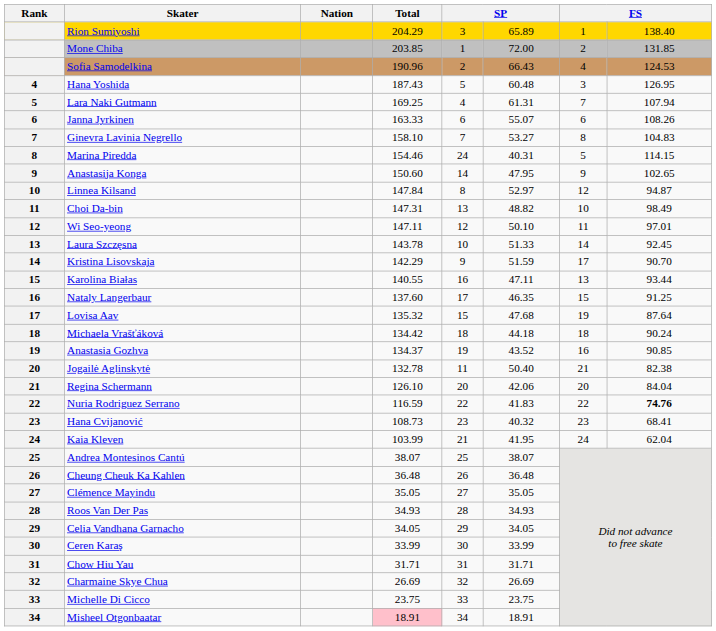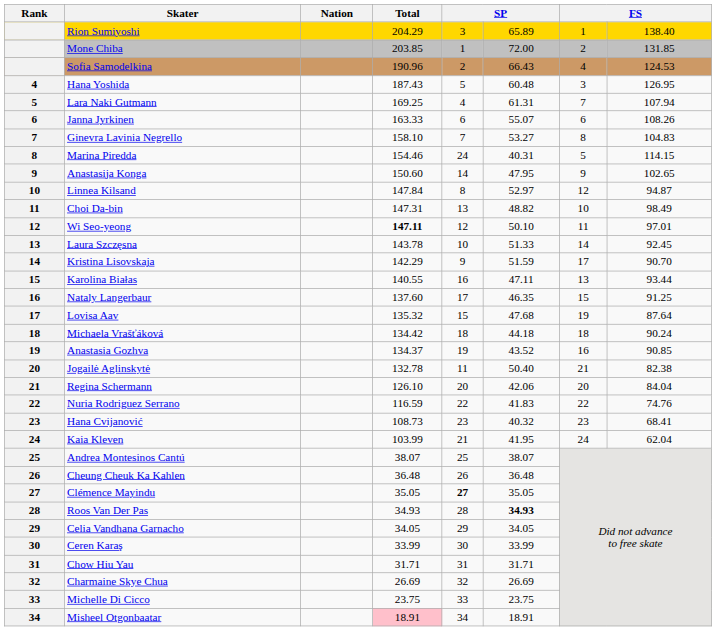 <table class="wikitable sortable" style="text-align:center; width:80%">
 <tr>
 <th scope="col">Rank</th>
 <th scope="col">Skater</th>
 <th scope="col">Nation</th>
 <th scope="col">Total</th>
 <th scope="col" colspan="2" width="80px"><a href='#'>SP</a></th>
 <th scope="col" colspan="2" width="80px"><a href='#'>FS</a></th>
 </tr>
 <tr bgcolor="gold">
 <th scope="row"></th>
 <td align="left"><a href='#'>Rion Sumiyoshi</a></td>
 <td align="left"></td>
 <td>204.29</td>
 <td>3</td>
 <td>65.89</td>
 <td>1</td>
 <td>138.40</td>
 </tr>
 <tr bgcolor="silver">
 <th scope="row"></th>
 <td align="left"><a href='#'>Mone Chiba</a></td>
 <td align="left"></td>
 <td>203.85</td>
 <td>1</td>
 <td>72.00</td>
 <td>2</td>
 <td>131.85</td>
 </tr>
 <tr bgcolor="#cc9966">
 <th scope="row"></th>
 <td align="left"><a href='#'>Sofia Samodelkina</a></td>
 <td align="left"></td>
 <td>190.96</td>
 <td>2</td>
 <td>66.43</td>
 <td>4</td>
 <td>124.53</td>
 </tr>
 <tr>
 <th scope="row">4</th>
 <td align="left"><a href='#'>Hana Yoshida</a></td>
 <td align="left"></td>
 <td>187.43</td>
 <td>5</td>
 <td>60.48</td>
 <td>3</td>
 <td>126.95</td>
 </tr>
 <tr>
 <th scope="row">5</th>
 <td align="left"><a href='#'>Lara Naki Gutmann</a></td>
 <td align="left"></td>
 <td>169.25</td>
 <td>4</td>
 <td>61.31</td>
 <td>7</td>
 <td>107.94</td>
 </tr>
 <tr>
 <th scope="row">6</th>
 <td align="left"><a href='#'>Janna Jyrkinen</a></td>
 <td align="left"></td>
 <td>163.33</td>
 <td>6</td>
 <td>55.07</td>
 <td>6</td>
 <td>108.26</td>
 </tr>
 <tr>
 <th scope="row">7</th>
 <td align="left"><a href='#'>Ginevra Lavinia Negrello</a></td>
 <td align="left"></td>
 <td>158.10</td>
 <td>7</td>
 <td>53.27</td>
 <td>8</td>
 <td>104.83</td>
 </tr>
 <tr>
 <th scope="row">8</th>
 <td align="left"><a href='#'>Marina Piredda</a></td>
 <td align="left"></td>
 <td>154.46</td>
 <td>24</td>
 <td>40.31</td>
 <td>5</td>
 <td>114.15</td>
 </tr>
 <tr>
 <th scope="row">9</th>
 <td align="left"><a href='#'>Anastasija Konga</a></td>
 <td align="left"></td>
 <td>150.60</td>
 <td>14</td>
 <td>47.95</td>
 <td>9</td>
 <td>102.65</td>
 </tr>
 <tr>
 <th scope="row">10</th>
 <td align="left"><a href='#'>Linnea Kilsand</a></td>
 <td align="left"></td>
 <td>147.84</td>
 <td>8</td>
 <td>52.97</td>
 <td>12</td>
 <td>94.87</td>
 </tr>
 <tr>
 <th scope="row">11</th>
 <td align="left"><a href='#'>Choi Da-bin</a></td>
 <td align="left"></td>
 <td>147.31</td>
 <td>13</td>
 <td>48.82</td>
 <td>10</td>
 <td>98.49</td>
 </tr>
 <tr>
 <th scope="row">12</th>
 <td align="left"><a href='#'>Wi Seo-yeong</a></td>
 <td align="left"></td>
-<td>147.11</td>
+<td><strong>147.11</strong></td>
 <td>12</td>
 <td>50.10</td>
 <td>11</td>
 <td>97.01</td>
 </tr>
 <tr>
 <th scope="row">13</th>
 <td align="left"><a href='#'>Laura Szczęsna</a></td>
 <td align="left"></td>
 <td>143.78</td>
 <td>10</td>
 <td>51.33</td>
 <td>14</td>
 <td>92.45</td>
 </tr>
 <tr>
 <th scope="row">14</th>
 <td align="left"><a href='#'>Kristina Lisovskaja</a></td>
 <td align="left"></td>
 <td>142.29</td>
 <td>9</td>
 <td>51.59</td>
 <td>17</td>
 <td>90.70</td>
 </tr>
 <tr>
 <th scope="row">15</th>
 <td align="left"><a href='#'>Karolina Białas</a></td>
 <td align="left"></td>
 <td>140.55</td>
 <td>16</td>
 <td>47.11</td>
 <td>13</td>
 <td>93.44</td>
 </tr>
 <tr>
 <th scope="row">16</th>
 <td align="left"><a href='#'>Nataly Langerbaur</a></td>
 <td align="left"></td>
 <td>137.60</td>
 <td>17</td>
 <td>46.35</td>
 <td>15</td>
 <td>91.25</td>
 </tr>
 <tr>
 <th scope="row">17</th>
 <td align="left"><a href='#'>Lovisa Aav</a></td>
 <td align="left"></td>
 <td>135.32</td>
 <td>15</td>
 <td>47.68</td>
 <td>19</td>
 <td>87.64</td>
 </tr>
 <tr>
 <th scope="row">18</th>
 <td align="left"><a href='#'>Michaela Vrašťáková</a></td>
 <td align="left"></td>
 <td>134.42</td>
 <td>18</td>
 <td>44.18</td>
 <td>18</td>
 <td>90.24</td>
 </tr>
 <tr>
 <th scope="row">19</th>
 <td align="left"><a href='#'>Anastasia Gozhva</a></td>
 <td align="left"></td>
 <td>134.37</td>
 <td>19</td>
 <td>43.52</td>
 <td>16</td>
 <td>90.85</td>
 </tr>
 <tr>
 <th scope="row">20</th>
 <td align="left"><a href='#'>Jogailė Aglinskytė</a></td>
 <td align="left"></td>
 <td>132.78</td>
 <td>11</td>
 <td>50.40</td>
 <td>21</td>
 <td>82.38</td>
 </tr>
 <tr>
 <th scope="row">21</th>
 <td align="left"><a href='#'>Regina Schermann</a></td>
 <td align="left"></td>
 <td>126.10</td>
 <td>20</td>
 <td>42.06</td>
 <td>20</td>
 <td>84.04</td>
 </tr>
 <tr>
 <th scope="row">22</th>
 <td align="left"><a href='#'>Nuria Rodriguez Serrano</a></td>
 <td align="left"></td>
 <td>116.59</td>
 <td>22</td>
 <td>41.83</td>
 <td>22</td>
-<td><strong>74.76</strong></td>
+<td>74.76</td>
 </tr>
 <tr>
 <th scope="row">23</th>
 <td align="left"><a href='#'>Hana Cvijanović</a></td>
 <td align="left"></td>
 <td>108.73</td>
 <td>23</td>
 <td>40.32</td>
 <td>23</td>
 <td>68.41</td>
 </tr>
 <tr>
 <th scope="row">24</th>
 <td align="left"><a href='#'>Kaia Kleven</a></td>
 <td align="left"></td>
 <td>103.99</td>
 <td>21</td>
 <td>41.95</td>
 <td>24</td>
 <td>62.04</td>
 </tr>
 <tr>
 <th scope="row">25</th>
 <td align="left"><a href='#'>Andrea Montesinos Cantú</a></td>
 <td align="left"></td>
 <td>38.07</td>
 <td>25</td>
 <td>38.07</td>
 <td colspan="2" rowspan="10" bgcolor="e5e4e2"><em>Did not advance<br>to free skate</em></td>
 </tr>
 <tr>
 <th scope="row">26</th>
 <td align="left"><a href='#'>Cheung Cheuk Ka Kahlen</a></td>
 <td align="left"></td>
 <td>36.48</td>
 <td>26</td>
 <td>36.48</td>
 </tr>
 <tr>
 <th scope="row">27</th>
 <td align="left"><a href='#'>Clémence Mayindu</a></td>
 <td align="left"></td>
 <td>35.05</td>
-<td>27</td>
+<td><strong>27</strong></td>
 <td>35.05</td>
 </tr>
 <tr>
 <th scope="row">28</th>
 <td align="left"><a href='#'>Roos Van Der Pas</a></td>
 <td align="left"></td>
 <td>34.93</td>
 <td>28</td>
-<td>34.93</td>
+<td><strong>34.93</strong></td>
 </tr>
 <tr>
 <th scope="row">29</th>
 <td align="left"><a href='#'>Celia Vandhana Garnacho</a></td>
 <td align="left"></td>
 <td>34.05</td>
 <td>29</td>
 <td>34.05</td>
 </tr>
 <tr>
 <th scope="row">30</th>
 <td align="left"><a href='#'>Ceren Karaş</a></td>
 <td align="left"></td>
 <td>33.99</td>
 <td>30</td>
 <td>33.99</td>
 </tr>
 <tr>
 <th scope="row">31</th>
 <td align="left"><a href='#'>Chow Hiu Yau</a></td>
 <td align="left"></td>
 <td>31.71</td>
 <td>31</td>
 <td>31.71</td>
 </tr>
 <tr>
 <th scope="row">32</th>
 <td align="left"><a href='#'>Charmaine Skye Chua</a></td>
 <td align="left"></td>
 <td>26.69</td>
 <td>32</td>
 <td>26.69</td>
 </tr>
 <tr>
 <th scope="row">33</th>
 <td align="left"><a href='#'>Michelle Di Cicco</a></td>
 <td align="left"></td>
 <td>23.75</td>
 <td>33</td>
 <td>23.75</td>
 </tr>
 <tr>
 <th scope="row">34</th>
 <td align="left"><a href='#'>Misheel Otgonbaatar</a></td>
 <td align="left"></td>
 <td style="background: pink;">18.91</td>
 <td>34</td>
 <td>18.91</td>
 </tr>
 </table>
